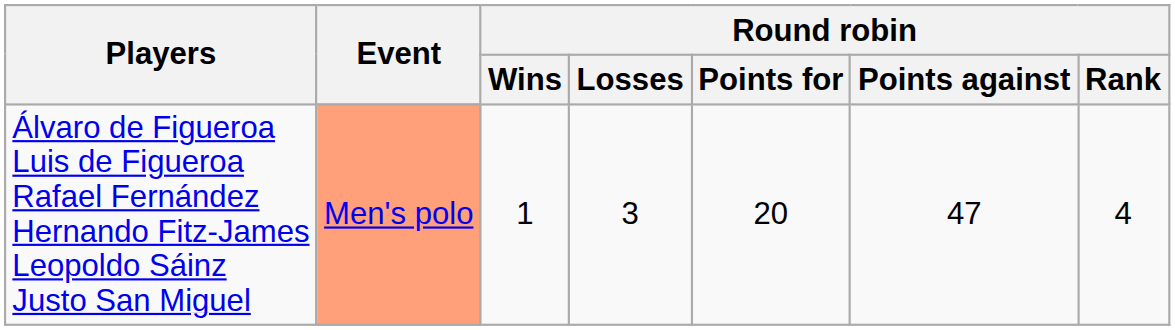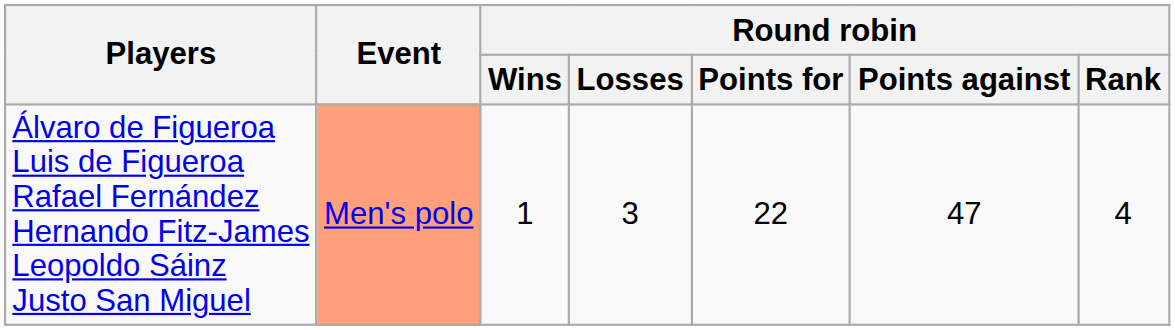 <table class=wikitable style="font-size:90%">
 <tr>
 <th rowspan=2>Players</th>
 <th rowspan=2>Event</th>
 <th colspan=5>Round robin</th>
 </tr>
 <tr>
 <th>Wins</th>
 <th>Losses</th>
 <th>Points for</th>
 <th>Points against</th>
 <th>Rank</th>
 </tr>
 <tr>
 <td><a href='#'>Álvaro de Figueroa</a> <br> <a href='#'>Luis de Figueroa</a> <br> <a href='#'>Rafael Fernández</a> <br> <a href='#'>Hernando Fitz-James</a> <br> <a href='#'>Leopoldo Sáinz</a> <br> <a href='#'>Justo San Miguel</a></td>
 <td style="background: lightsalmon;"><a href='#'>Men's polo</a></td>
 <td align=center>1</td>
 <td align=center>3</td>
-<td align=center>20</td>
+<td align=center>22</td>
 <td align=center>47</td>
 <td align=center>4</td>
 </tr>
 </table>
